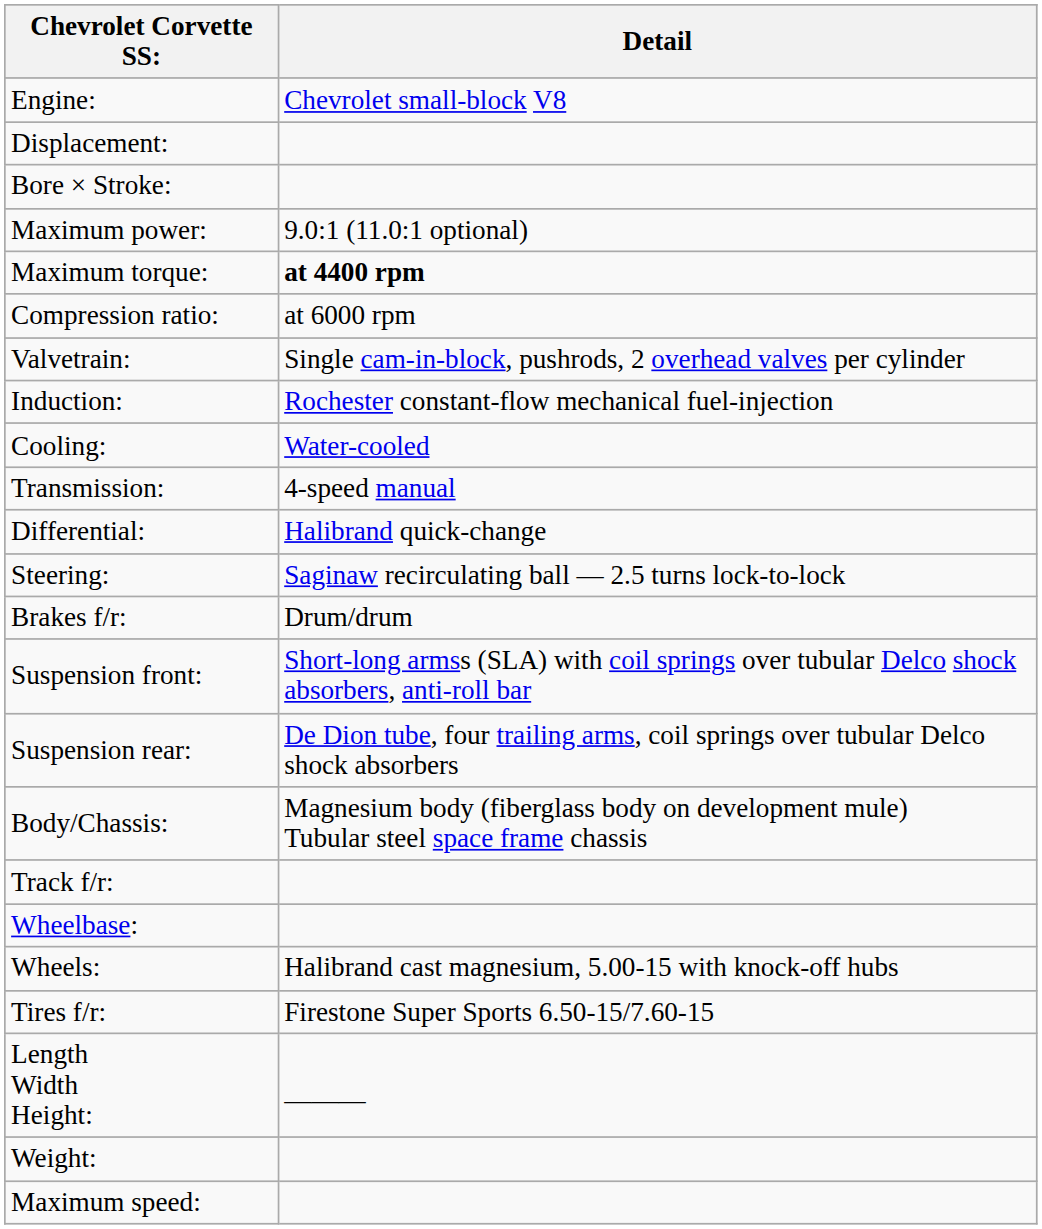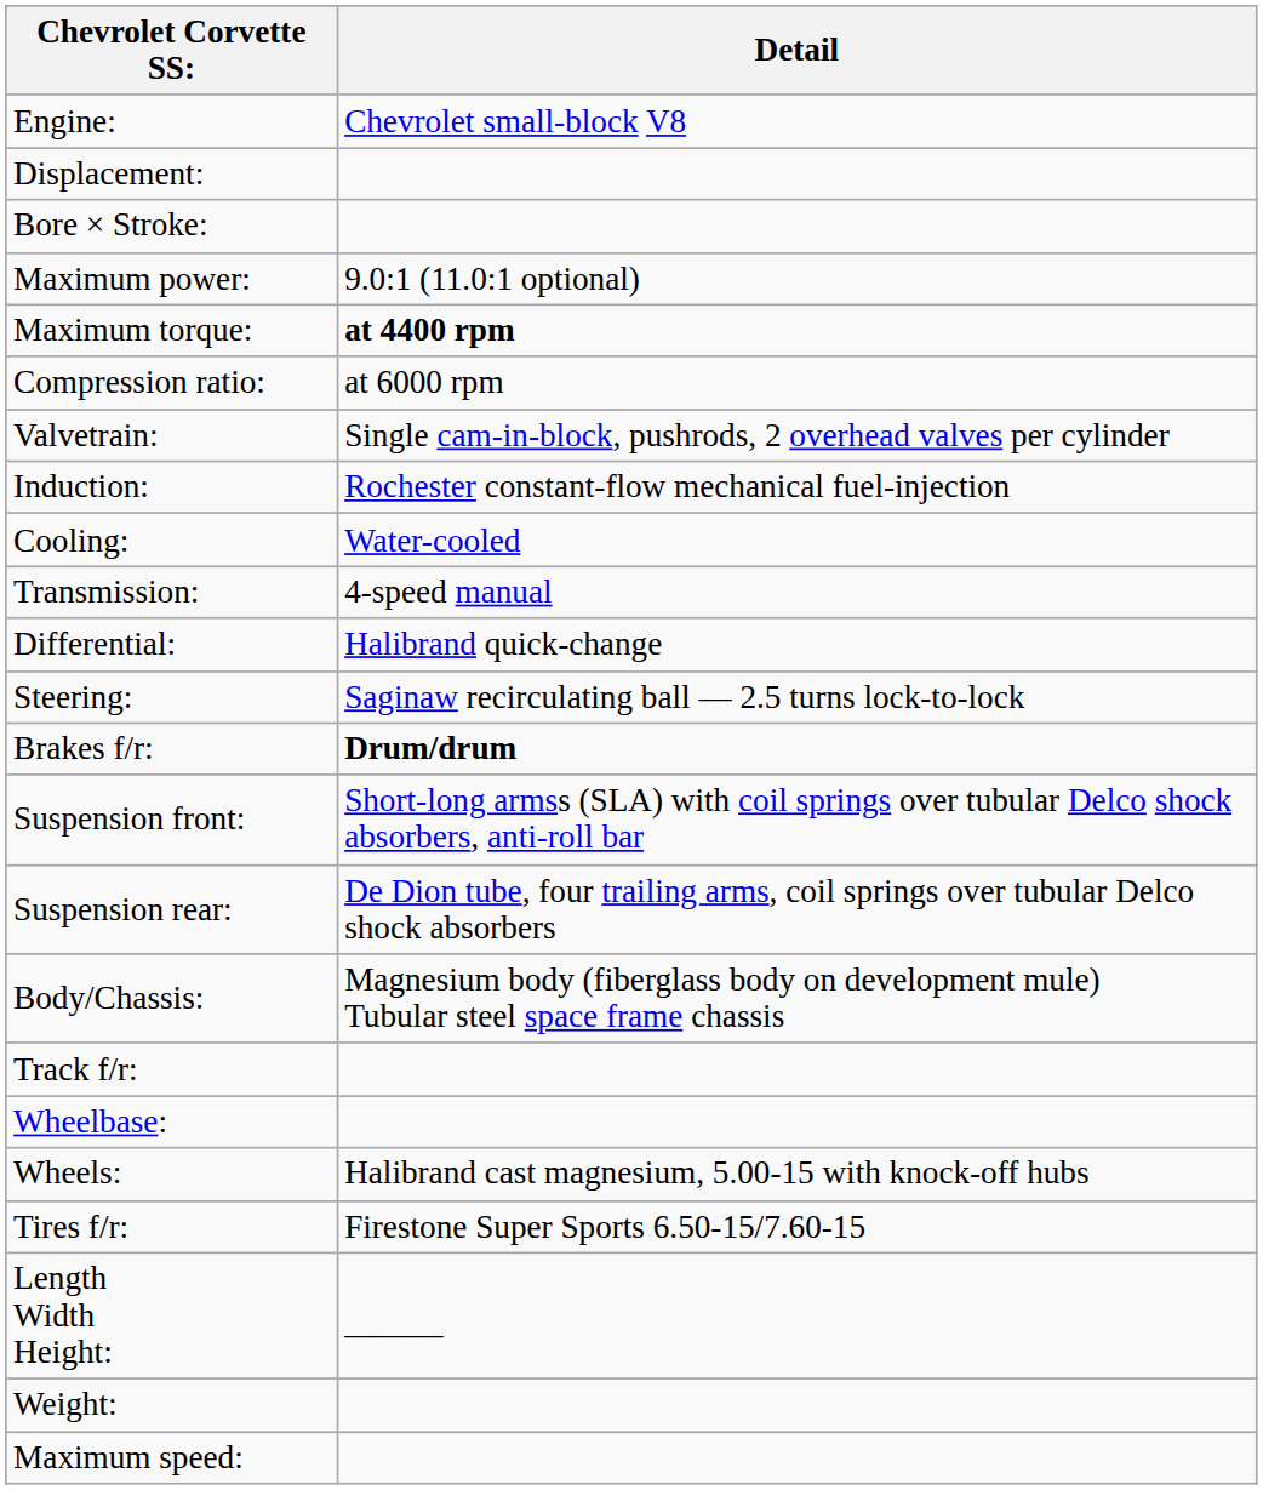 <table class="wikitable defaultcenter col1left">
 <tr>
 <th width="180">Chevrolet Corvette SS:</th>
 <th width="600">Detail</th>
 </tr>
 <tr>
 <td>Engine:</td>
 <td><a href='#'>Chevrolet small-block</a> <a href='#'>V8</a></td>
 </tr>
 <tr>
 <td>Displacement:</td>
 <td></td>
 </tr>
 <tr>
 <td>Bore × Stroke:</td>
 <td></td>
 </tr>
 <tr>
 <td>Maximum power:</td>
 <td>9.0:1 (11.0:1 optional)</td>
 </tr>
 <tr>
 <td>Maximum torque:</td>
 <td><strong> at 4400 rpm</strong></td>
 </tr>
 <tr>
 <td>Compression ratio:</td>
 <td> at 6000 rpm</td>
 </tr>
 <tr>
 <td>Valvetrain: </td>
 <td colspan="2">Single <a href='#'>cam-in-block</a>, pushrods, 2 <a href='#'>overhead valves</a> per cylinder</td>
 </tr>
 <tr>
 <td>Induction: </td>
 <td colspan="2"><a href='#'>Rochester</a> constant-flow mechanical fuel-injection</td>
 </tr>
 <tr>
 <td>Cooling: </td>
 <td colspan="2"><a href='#'>Water-cooled</a></td>
 </tr>
 <tr>
 <td>Transmission: </td>
 <td colspan="2">4-speed <a href='#'>manual</a></td>
 </tr>
 <tr>
 <td>Differential: </td>
 <td colspan="2"><a href='#'>Halibrand</a> quick-change</td>
 </tr>
 <tr>
 <td>Steering: </td>
 <td colspan="2"><a href='#'>Saginaw</a> recirculating ball — 2.5 turns lock-to-lock</td>
 </tr>
 <tr>
 <td>Brakes f/r:</td>
-<td>Drum/drum</td>
+<td><strong>Drum/drum</strong></td>
 </tr>
 <tr>
 <td>Suspension front:</td>
 <td><a href='#'>Short-long arms</a>s (SLA) with <a href='#'>coil springs</a> over tubular <a href='#'>Delco</a> <a href='#'>shock absorbers</a>, <a href='#'>anti-roll bar</a></td>
 </tr>
 <tr>
 <td>Suspension rear:</td>
 <td><a href='#'>De Dion tube</a>, four <a href='#'>trailing arms</a>, coil springs over tubular Delco shock absorbers</td>
 </tr>
 <tr>
 <td>Body/Chassis:</td>
 <td>Magnesium body (fiberglass body on development mule)<br>Tubular steel <a href='#'>space frame</a> chassis</td>
 </tr>
 <tr>
 <td>Track f/r:</td>
 <td></td>
 </tr>
 <tr>
 <td><a href='#'>Wheelbase</a>:</td>
 <td></td>
 </tr>
 <tr>
 <td>Wheels:</td>
 <td>Halibrand cast magnesium, 5.00-15 with knock-off hubs</td>
 </tr>
 <tr>
 <td>Tires f/r:</td>
 <td>Firestone Super Sports 6.50-15/7.60-15</td>
 </tr>
 <tr>
 <td>Length<br>Width<br>Height:</td>
 <td><br>———<br></td>
 </tr>
 <tr>
 <td>Weight:</td>
 <td></td>
 </tr>
 <tr>
 <td>Maximum speed:</td>
 <td></td>
 </tr>
 </table>
